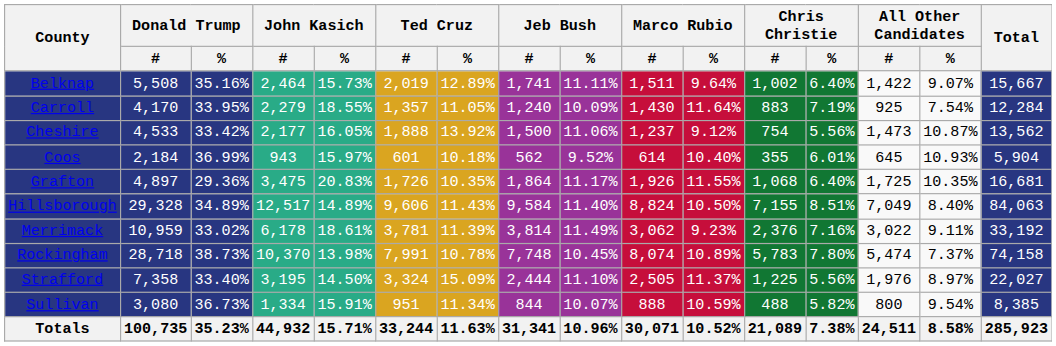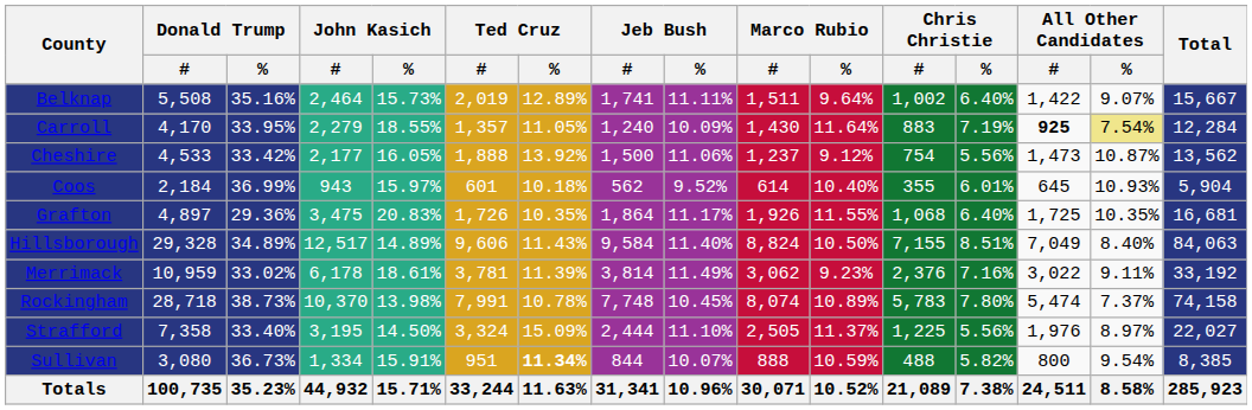 <table class="wikitable sortable mw-collapsible" width="60%" style="text-align:center">
 <tr>
 <th rowspan="2" style="text-align:center;">County</th>
 <th colspan="2" style="text-align:center;">Donald Trump</th>
 <th colspan="2" style="text-align:center;">John Kasich</th>
 <th colspan="2" style="text-align:center;">Ted Cruz</th>
 <th colspan="2">Jeb Bush</th>
 <th colspan="2">Marco Rubio</th>
 <th colspan="2">Chris Christie</th>
 <th colspan="2">All Other Candidates</th>
 <th rowspan="2" style="text-align:center;">Total</th>
 </tr>
 <tr>
 <th data-sort-type="number" style="text-align:center;">#</th>
 <th data-sort-type="number" style="text-align:center;">%</th>
 <th data-sort-type="number" style="text-align:center;">#</th>
 <th data-sort-type="number" style="text-align:center;">%</th>
 <th data-sort-type="number" style="text-align:center;">#</th>
 <th data-sort-type="number" style="text-align:center;">%</th>
 <th>#</th>
 <th>%</th>
 <th>#</th>
 <th>%</th>
 <th>#</th>
 <th>%</th>
 <th>#</th>
 <th>%</th>
 </tr>
 <tr style="text-align:center;">
 <td style="color:black; background:#283681;"><a href='#'>Belknap</a></td>
 <td style="color:white; background:#283681;">5,508</td>
 <td style="color:white; background:#283681;">35.16%</td>
 <td style="color:white; background:#29AB87;">2,464</td>
 <td style="color:white; background:#29AB87;">15.73%</td>
 <td style="color:white; background:#DAA520;">2,019</td>
 <td style="color:white; background:#DAA520;">12.89%</td>
 <td style="color:white; background:#939;">1,741</td>
 <td style="color:white; background:#939;">11.11%</td>
 <td style="color:white; background:#C60E3B;">1,511</td>
 <td style="color:white; background:#C60E3B;">9.64%</td>
 <td style="color:white; background:#117733;">1,002</td>
 <td style="color:white; background:#117733;">6.40%</td>
 <td>1,422</td>
 <td>9.07%</td>
 <td style="color:white; background:#283681;">15,667</td>
 </tr>
 <tr style="text-align:center;">
 <td style="color:black; background:#283681;"><a href='#'>Carroll</a></td>
 <td style="color:white; background:#283681;">4,170</td>
 <td style="color:white; background:#283681;">33.95%</td>
 <td style="color:white; background:#29AB87;">2,279</td>
 <td style="color:white; background:#29AB87;">18.55%</td>
 <td style="color:white; background:#DAA520;">1,357</td>
 <td style="color:white; background:#DAA520;">11.05%</td>
 <td style="color:white; background:#939;">1,240</td>
 <td style="color:white; background:#939;">10.09%</td>
 <td style="color:white; background:#C60E3B;">1,430</td>
 <td style="color:white; background:#C60E3B;">11.64%</td>
 <td style="color:white; background:#117733;">883</td>
 <td style="color:white; background:#117733;">7.19%</td>
-<td>925</td>
-<td>7.54%</td>
+<td><strong>925</strong></td>
+<td style="background: khaki;">7.54%</td>
 <td style="color:white; background:#283681;">12,284</td>
 </tr>
 <tr style="text-align:center;">
 <td style="color:black; background:#283681;"><a href='#'>Cheshire</a></td>
 <td style="color:white; background:#283681;">4,533</td>
 <td style="color:white; background:#283681;">33.42%</td>
 <td style="color:white; background:#29AB87;">2,177</td>
 <td style="color:white; background:#29AB87;">16.05%</td>
 <td style="color:white; background:#DAA520;">1,888</td>
 <td style="color:white; background:#DAA520;">13.92%</td>
 <td style="color:white; background:#939;">1,500</td>
 <td style="color:white; background:#939;">11.06%</td>
 <td style="color:white; background:#C60E3B;">1,237</td>
 <td style="color:white; background:#C60E3B;">9.12%</td>
 <td style="color:white; background:#117733;">754</td>
 <td style="color:white; background:#117733;">5.56%</td>
 <td>1,473</td>
 <td>10.87%</td>
 <td style="color:white; background:#283681;">13,562</td>
 </tr>
 <tr style="text-align:center;">
 <td style="color:black; background:#283681;"><a href='#'>Coos</a></td>
 <td style="color:white; background:#283681;">2,184</td>
 <td style="color:white; background:#283681;">36.99%</td>
 <td style="color:white; background:#29AB87;">943</td>
 <td style="color:white; background:#29AB87;">15.97%</td>
 <td style="color:white; background:#DAA520;">601</td>
 <td style="color:white; background:#DAA520;">10.18%</td>
 <td style="color:white; background:#939;">562</td>
 <td style="color:white; background:#939;">9.52%</td>
 <td style="color:white; background:#C60E3B;">614</td>
 <td style="color:white; background:#C60E3B;">10.40%</td>
 <td style="color:white; background:#117733;">355</td>
 <td style="color:white; background:#117733;">6.01%</td>
 <td>645</td>
 <td>10.93%</td>
 <td style="color:white; background:#283681;">5,904</td>
 </tr>
 <tr style="text-align:center;">
 <td style="color:black; background:#283681;"><a href='#'>Grafton</a></td>
 <td style="color:white; background:#283681;">4,897</td>
 <td style="color:white; background:#283681;">29.36%</td>
 <td style="color:white; background:#29AB87;">3,475</td>
 <td style="color:white; background:#29AB87;">20.83%</td>
 <td style="color:white; background:#DAA520;">1,726</td>
 <td style="color:white; background:#DAA520;">10.35%</td>
 <td style="color:white; background:#939;">1,864</td>
 <td style="color:white; background:#939;">11.17%</td>
 <td style="color:white; background:#C60E3B;">1,926</td>
 <td style="color:white; background:#C60E3B;">11.55%</td>
 <td style="color:white; background:#117733;">1,068</td>
 <td style="color:white; background:#117733;">6.40%</td>
 <td>1,725</td>
 <td>10.35%</td>
 <td style="color:white; background:#283681;">16,681</td>
 </tr>
 <tr style="text-align:center;">
 <td style="color:white; background:#283681;"><a href='#'>Hillsborough</a></td>
 <td style="color:white; background:#283681;">29,328</td>
 <td style="color:white; background:#283681;">34.89%</td>
 <td style="color:white; background:#29AB87;">12,517</td>
 <td style="color:white; background:#29AB87;">14.89%</td>
 <td style="color:white; background:#DAA520;">9,606</td>
 <td style="color:white; background:#DAA520;">11.43%</td>
 <td style="color:white; background:#939;">9,584</td>
 <td style="color:white; background:#939;">11.40%</td>
 <td style="color:white; background:#C60E3B;">8,824</td>
 <td style="color:white; background:#C60E3B;">10.50%</td>
 <td style="color:white; background:#117733;">7,155</td>
 <td style="color:white; background:#117733;">8.51%</td>
 <td>7,049</td>
 <td>8.40%</td>
 <td style="color:white; background:#283681;">84,063</td>
 </tr>
 <tr style="text-align:center;">
 <td style="color:white; background:#283681;"><a href='#'>Merrimack</a></td>
 <td style="color:white; background:#283681;">10,959</td>
 <td style="color:white; background:#283681;">33.02%</td>
 <td style="color:white; background:#29AB87;">6,178</td>
 <td style="color:white; background:#29AB87;">18.61%</td>
 <td style="color:white; background:#DAA520;">3,781</td>
 <td style="color:white; background:#DAA520;">11.39%</td>
 <td style="color:white; background:#939;">3,814</td>
 <td style="color:white; background:#939;">11.49%</td>
 <td style="color:white; background:#C60E3B;">3,062</td>
 <td style="color:white; background:#C60E3B;">9.23%</td>
 <td style="color:white; background:#117733;">2,376</td>
 <td style="color:white; background:#117733;">7.16%</td>
 <td>3,022</td>
 <td>9.11%</td>
 <td style="color:white; background:#283681;">33,192</td>
 </tr>
 <tr style="text-align:center;">
 <td style="color:white; background:#283681;"><a href='#'>Rockingham</a></td>
 <td style="color:white; background:#283681;">28,718</td>
 <td style="color:white; background:#283681;">38.73%</td>
 <td style="color:white; background:#29AB87;">10,370</td>
 <td style="color:white; background:#29AB87;">13.98%</td>
 <td style="color:white; background:#DAA520;">7,991</td>
 <td style="color:white; background:#DAA520;">10.78%</td>
 <td style="color:white; background:#939;">7,748</td>
 <td style="color:white; background:#939;">10.45%</td>
 <td style="color:white; background:#C60E3B;">8,074</td>
 <td style="color:white; background:#C60E3B;">10.89%</td>
 <td style="color:white; background:#117733;">5,783</td>
 <td style="color:white; background:#117733;">7.80%</td>
 <td>5,474</td>
 <td>7.37%</td>
 <td style="color:white; background:#283681;">74,158</td>
 </tr>
 <tr style="text-align:center;">
 <td style="color:white; background:#283681;"><a href='#'>Strafford</a></td>
 <td style="color:white; background:#283681;">7,358</td>
 <td style="color:white; background:#283681;">33.40%</td>
 <td style="color:white; background:#29AB87;">3,195</td>
 <td style="color:white; background:#29AB87;">14.50%</td>
 <td style="color:white; background:#DAA520;">3,324</td>
 <td style="color:white; background:#DAA520;">15.09%</td>
 <td style="color:white; background:#939;">2,444</td>
 <td style="color:white; background:#939;">11.10%</td>
 <td style="color:white; background:#C60E3B;">2,505</td>
 <td style="color:white; background:#C60E3B;">11.37%</td>
 <td style="color:white; background:#117733;">1,225</td>
 <td style="color:white; background:#117733;">5.56%</td>
 <td>1,976</td>
 <td>8.97%</td>
 <td style="color:white; background:#283681;">22,027</td>
 </tr>
 <tr style="text-align:center;">
 <td style="color:white; background:#283681;"><a href='#'>Sullivan</a></td>
 <td style="color:white; background:#283681;">3,080</td>
 <td style="color:white; background:#283681;">36.73%</td>
 <td style="color:white; background:#29AB87;">1,334</td>
 <td style="color:white; background:#29AB87;">15.91%</td>
 <td style="color:white; background:#DAA520;">951</td>
-<td style="color:white; background:#DAA520;">11.34%</td>
+<td style="color:white; background:#DAA520;"><strong>11.34%</strong></td>
 <td style="color:white; background:#939;">844</td>
 <td style="color:white; background:#939;">10.07%</td>
 <td style="color:white; background:#C60E3B;">888</td>
 <td style="color:white; background:#C60E3B;">10.59%</td>
 <td style="color:white; background:#117733;">488</td>
 <td style="color:white; background:#117733;">5.82%</td>
 <td>800</td>
 <td>9.54%</td>
 <td style="color:white; background:#283681;">8,385</td>
 </tr>
 <tr>
 <th>Totals</th>
 <th>100,735</th>
 <th>35.23%</th>
 <th>44,932</th>
 <th>15.71%</th>
 <th>33,244</th>
 <th>11.63%</th>
 <th>31,341</th>
 <th>10.96%</th>
 <th>30,071</th>
 <th>10.52%</th>
 <th>21,089</th>
 <th>7.38%</th>
 <th>24,511</th>
 <th>8.58%</th>
 <th>285,923</th>
 </tr>
 </table>
